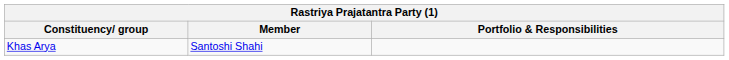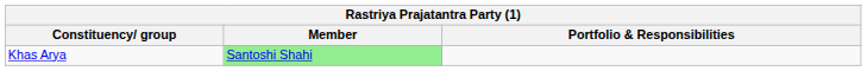 <table class="wikitable">
 <tr>
 <th colspan="3" style="width: 800pt; background:">Rastriya Prajatantra Party (1)</th>
 </tr>
 <tr>
 <th style="width:200pt;">Constituency/ group</th>
 <th style="width:200pt;">Member</th>
 <th>Portfolio & Responsibilities</th>
 </tr>
 <tr>
 <td><a href='#'>Khas Arya</a></td>
-<td><a href='#'>Santoshi Shahi</a></td>
+<td style="background: lightgreen;"><a href='#'>Santoshi Shahi</a></td>
 <td></td>
 </tr>
 </table>
